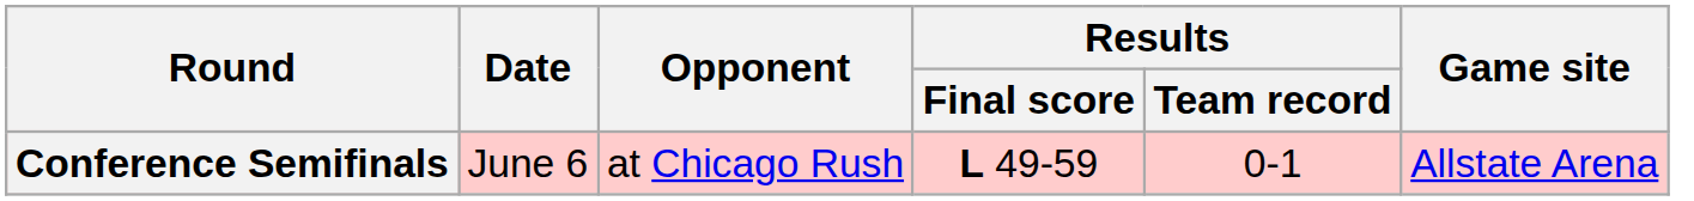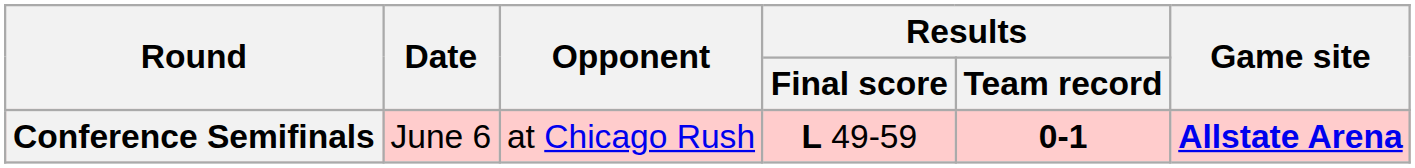 <table class="wikitable" style="font-size: 92%;" "align=center">
 <tr>
 <th rowspan="2">Round</th>
 <th rowspan="2">Date</th>
 <th rowspan="2">Opponent</th>
 <th colspan="2">Results</th>
 <th rowspan="2">Game site</th>
 </tr>
 <tr>
 <th>Final score</th>
 <th>Team record</th>
 </tr>
 <tr style="background:#fcc">
 <th>Conference Semifinals</th>
 <td style="text-align:center;">June 6</td>
 <td style="text-align:center;">at <a href='#'>Chicago Rush</a></td>
 <td style="text-align:center;"><strong>L</strong> 49-59</td>
-<td style="text-align:center;">0-1</td>
-<td style="text-align:center;"><a href='#'>Allstate Arena</a></td>
+<td style="text-align:center;"><strong>0-1</strong></td>
+<td style="text-align:center;"><strong><a href='#'>Allstate Arena</a></strong></td>
 </tr>
 </table>
